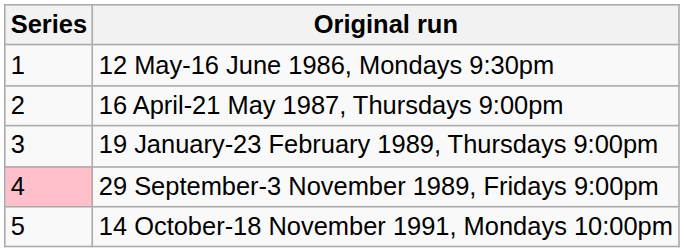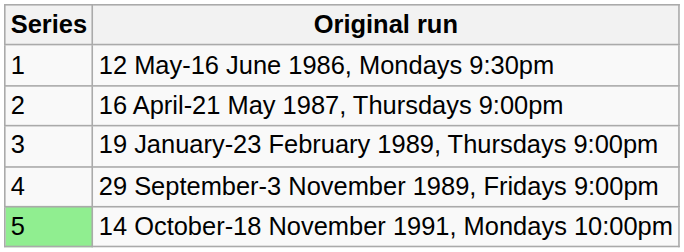 <table class="wikitable">
 <tr>
 <th>Series</th>
 <th>Original run</th>
 </tr>
 <tr>
 <td>1</td>
 <td>12 May-16 June 1986, Mondays 9:30pm</td>
 </tr>
 <tr>
 <td>2</td>
 <td>16 April-21 May 1987, Thursdays 9:00pm</td>
 </tr>
 <tr>
 <td>3</td>
 <td>19 January-23 February 1989, Thursdays 9:00pm</td>
 </tr>
 <tr>
-<td style="background: pink;">4</td>
+<td>4</td>
 <td>29 September-3 November 1989, Fridays 9:00pm</td>
 </tr>
 <tr>
-<td>5</td>
+<td style="background: lightgreen;">5</td>
 <td>14 October-18 November 1991, Mondays 10:00pm</td>
 </tr>
 </table>
